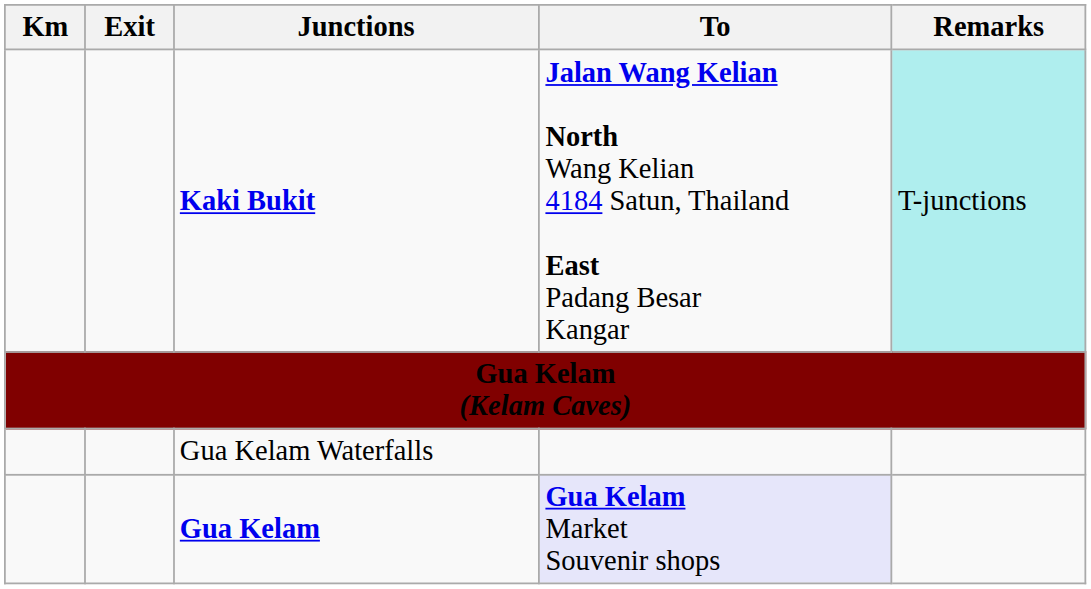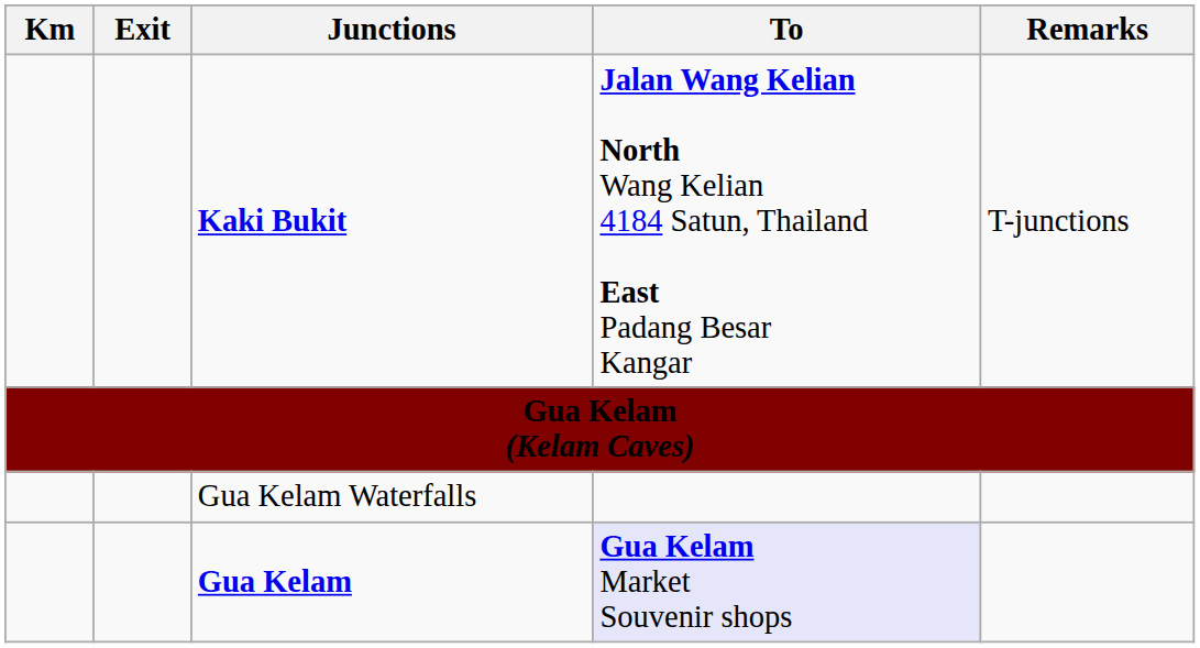 <table class="wikitable">
 <tr>
 <th>Km</th>
 <th>Exit</th>
 <th>Junctions</th>
 <th>To</th>
 <th>Remarks</th>
 </tr>
 <tr>
 <td></td>
 <td></td>
 <td><strong><a href='#'>Kaki Bukit</a></strong></td>
 <td> <strong><a href='#'>Jalan Wang Kelian</a></strong><br><br><strong>North</strong><br> Wang Kelian<br><a href='#'>4184</a> Satun, Thailand<br><br><strong>East</strong><br> Padang Besar<br> Kangar</td>
-<td style="background: paleturquoise;">T-junctions</td>
+<td>T-junctions</td>
 </tr>
 <tr>
 <td colspan="6" style="width:600px; text-align:center" bgcolor="maroon"><strong><span>Gua Kelam<br><em>(Kelam Caves)</em></span></strong></td>
 </tr>
 <tr>
 <td></td>
 <td></td>
 <td>Gua Kelam Waterfalls</td>
 <td></td>
 <td></td>
 </tr>
 <tr>
 <td></td>
 <td></td>
 <td><strong><a href='#'>Gua Kelam</a></strong></td>
 <td style="background: lavender;"><strong><a href='#'>Gua Kelam</a></strong><br>Market<br>Souvenir shops<br> </td>
 <td></td>
 </tr>
 </table>
